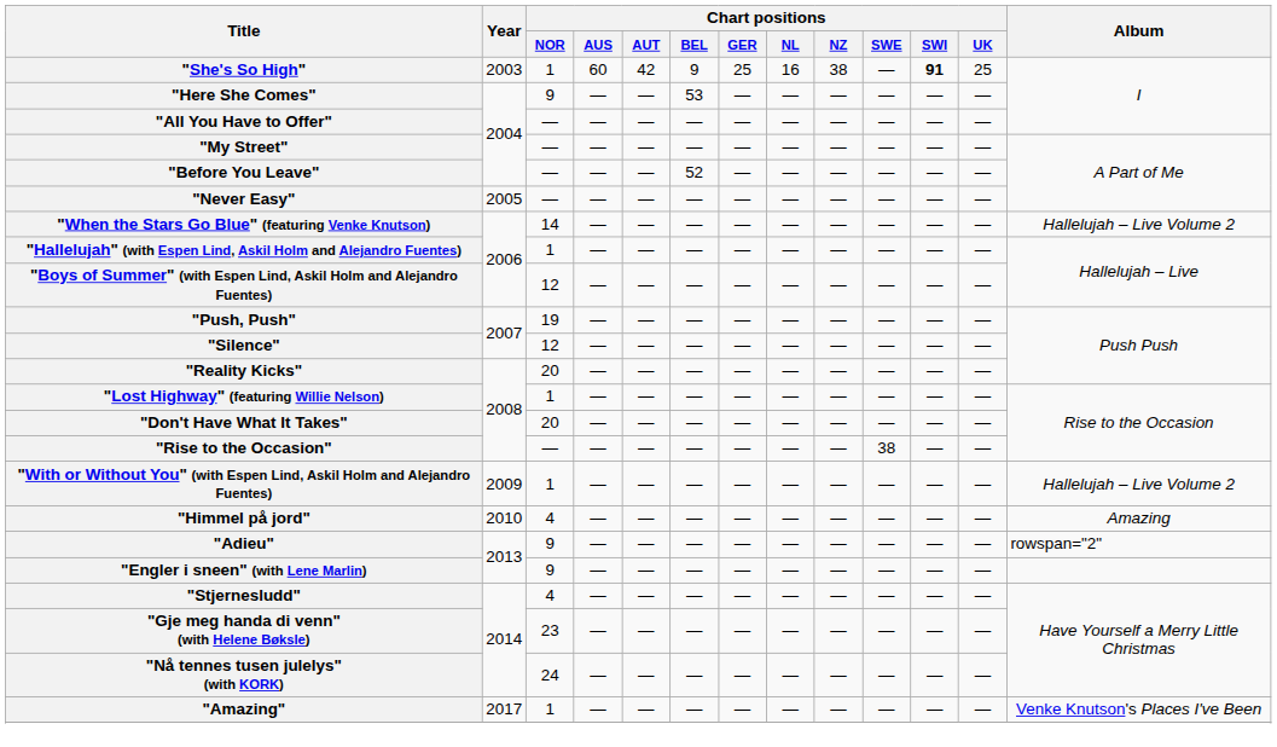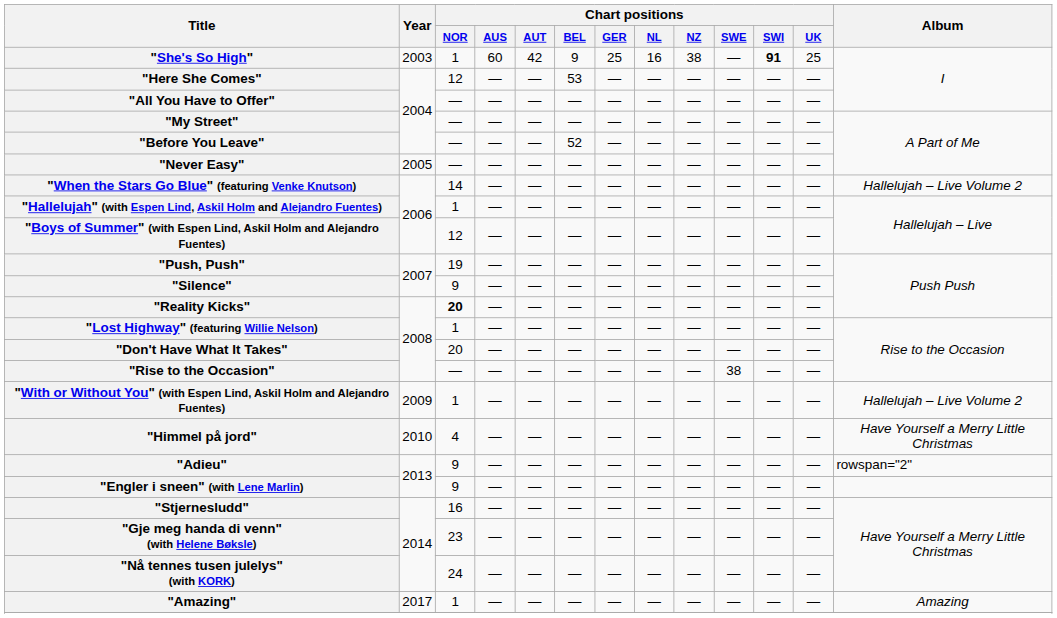 <table class="wikitable plainrowheaders">
 <tr>
 <th rowspan="2">Title</th>
 <th rowspan="2">Year</th>
 <th colspan="10">Chart positions</th>
 <th rowspan="2">Album</th>
 </tr>
 <tr>
 <th style="width:40px;"><small><a href='#'>NOR</a></small><br></th>
 <th style="width:40px;"><small><a href='#'>AUS</a></small><br></th>
 <th style="width:40px;"><small><a href='#'>AUT</a></small><br></th>
 <th style="width:40px;"><small><a href='#'>BEL</a></small><br></th>
 <th style="width:40px;"><small><a href='#'>GER</a></small><br></th>
 <th style="width:40px;"><small><a href='#'>NL</a></small><br></th>
 <th style="width:40px;"><small><a href='#'>NZ</a></small><br></th>
 <th style="width:40px;"><small><a href='#'>SWE</a></small><br></th>
 <th style="width:40px;"><small><a href='#'>SWI</a></small><br></th>
 <th style="width:40px;"><small><a href='#'>UK</a></small><br></th>
 </tr>
 <tr>
 <th scope="row">"<a href='#'>She's So High</a>"</th>
 <td style="text-align:center;">2003</td>
 <td style="text-align:center;">1</td>
 <td style="text-align:center;">60</td>
 <td style="text-align:center;">42</td>
 <td style="text-align:center;">9</td>
 <td style="text-align:center;">25</td>
 <td style="text-align:center;">16</td>
 <td style="text-align:center;">38</td>
 <td style="text-align:center;">—</td>
 <td style="text-align:center;"><strong>91</strong></td>
 <td style="text-align:center;">25</td>
 <td style="text-align:center;" rowspan="3"><em>I</em></td>
 </tr>
 <tr>
 <th scope="row">"Here She Comes"</th>
 <td style="text-align:center;" rowspan="4">2004</td>
-<td style="text-align:center;">9</td>
+<td style="text-align:center;">12</td>
 <td style="text-align:center;">—</td>
 <td style="text-align:center;">—</td>
 <td style="text-align:center;">53</td>
 <td style="text-align:center;">—</td>
 <td style="text-align:center;">—</td>
 <td style="text-align:center;">—</td>
 <td style="text-align:center;">—</td>
 <td style="text-align:center;">—</td>
 <td style="text-align:center;">—</td>
 </tr>
 <tr>
 <th scope="row">"All You Have to Offer"</th>
 <td style="text-align:center;">—</td>
 <td style="text-align:center;">—</td>
 <td style="text-align:center;">—</td>
 <td style="text-align:center;">—</td>
 <td style="text-align:center;">—</td>
 <td style="text-align:center;">—</td>
 <td style="text-align:center;">—</td>
 <td style="text-align:center;">—</td>
 <td style="text-align:center;">—</td>
 <td style="text-align:center;">—</td>
 </tr>
 <tr>
 <th scope="row">"My Street"</th>
 <td style="text-align:center;">—</td>
 <td style="text-align:center;">—</td>
 <td style="text-align:center;">—</td>
 <td style="text-align:center;">—</td>
 <td style="text-align:center;">—</td>
 <td style="text-align:center;">—</td>
 <td style="text-align:center;">—</td>
 <td style="text-align:center;">—</td>
 <td style="text-align:center;">—</td>
 <td style="text-align:center;">—</td>
 <td style="text-align:center;" rowspan="3"><em>A Part of Me</em></td>
 </tr>
 <tr>
 <th scope="row">"Before You Leave"</th>
 <td style="text-align:center;">—</td>
 <td style="text-align:center;">—</td>
 <td style="text-align:center;">—</td>
 <td style="text-align:center;">52</td>
 <td style="text-align:center;">—</td>
 <td style="text-align:center;">—</td>
 <td style="text-align:center;">—</td>
 <td style="text-align:center;">—</td>
 <td style="text-align:center;">—</td>
 <td style="text-align:center;">—</td>
 </tr>
 <tr>
 <th scope="row">"Never Easy"</th>
 <td style="text-align:center;">2005</td>
 <td style="text-align:center;">—</td>
 <td style="text-align:center;">—</td>
 <td style="text-align:center;">—</td>
 <td style="text-align:center;">—</td>
 <td style="text-align:center;">—</td>
 <td style="text-align:center;">—</td>
 <td style="text-align:center;">—</td>
 <td style="text-align:center;">—</td>
 <td style="text-align:center;">—</td>
 <td style="text-align:center;">—</td>
 </tr>
 <tr>
 <th scope="row">"<a href='#'>When the Stars Go Blue</a>" <small> (featuring <a href='#'>Venke Knutson</a>) </small></th>
 <td style="text-align:center;" rowspan="3">2006</td>
 <td style="text-align:center;">14</td>
 <td style="text-align:center;">—</td>
 <td style="text-align:center;">—</td>
 <td style="text-align:center;">—</td>
 <td style="text-align:center;">—</td>
 <td style="text-align:center;">—</td>
 <td style="text-align:center;">—</td>
 <td style="text-align:center;">—</td>
 <td style="text-align:center;">—</td>
 <td style="text-align:center;">—</td>
 <td style="text-align:center;"><em>Hallelujah – Live Volume 2</em></td>
 </tr>
 <tr>
 <th scope="row">"<a href='#'>Hallelujah</a>" <small>(with <a href='#'>Espen Lind</a>, <a href='#'>Askil Holm</a> and <a href='#'>Alejandro Fuentes</a>)</small></th>
 <td style="text-align:center;">1</td>
 <td style="text-align:center;">—</td>
 <td style="text-align:center;">—</td>
 <td style="text-align:center;">—</td>
 <td style="text-align:center;">—</td>
 <td style="text-align:center;">—</td>
 <td style="text-align:center;">—</td>
 <td style="text-align:center;">—</td>
 <td style="text-align:center;">—</td>
 <td style="text-align:center;">—</td>
 <td style="text-align:center;" rowspan="2"><em>Hallelujah – Live</em></td>
 </tr>
 <tr>
 <th scope="row">"<a href='#'>Boys of Summer</a>" <small>(with Espen Lind, Askil Holm and Alejandro Fuentes)</small></th>
 <td style="text-align:center;">12</td>
 <td style="text-align:center;">—</td>
 <td style="text-align:center;">—</td>
 <td style="text-align:center;">—</td>
 <td style="text-align:center;">—</td>
 <td style="text-align:center;">—</td>
 <td style="text-align:center;">—</td>
 <td style="text-align:center;">—</td>
 <td style="text-align:center;">—</td>
 <td style="text-align:center;">—</td>
 </tr>
 <tr>
 <th scope="row">"Push, Push"</th>
 <td style="text-align:center;" rowspan="2">2007</td>
 <td style="text-align:center;">19<br></td>
 <td style="text-align:center;">—</td>
 <td style="text-align:center;">—</td>
 <td style="text-align:center;">—</td>
 <td style="text-align:center;">—</td>
 <td style="text-align:center;">—</td>
 <td style="text-align:center;">—</td>
 <td style="text-align:center;">—</td>
 <td style="text-align:center;">—</td>
 <td style="text-align:center;">—</td>
 <td style="text-align:center;" rowspan="3"><em>Push Push</em></td>
 </tr>
 <tr>
 <th scope="row">"Silence"</th>
-<td style="text-align:center;">12</td>
+<td style="text-align:center;">9</td>
 <td style="text-align:center;">—</td>
 <td style="text-align:center;">—</td>
 <td style="text-align:center;">—</td>
 <td style="text-align:center;">—</td>
 <td style="text-align:center;">—</td>
 <td style="text-align:center;">—</td>
 <td style="text-align:center;">—</td>
 <td style="text-align:center;">—</td>
 <td style="text-align:center;">—</td>
 </tr>
 <tr>
 <th scope="row">"Reality Kicks"</th>
 <td style="text-align:center;" rowspan="4">2008</td>
-<td style="text-align:center;">20</td>
+<td style="text-align:center;"><strong>20</strong></td>
 <td style="text-align:center;">—</td>
 <td style="text-align:center;">—</td>
 <td style="text-align:center;">—</td>
 <td style="text-align:center;">—</td>
 <td style="text-align:center;">—</td>
 <td style="text-align:center;">—</td>
 <td style="text-align:center;">—</td>
 <td style="text-align:center;">—</td>
 <td style="text-align:center;">—</td>
 </tr>
 <tr>
 <th scope="row">"<a href='#'>Lost Highway</a>" <small>(featuring <a href='#'>Willie Nelson</a>)</small></th>
 <td style="text-align:center;">1</td>
 <td style="text-align:center;">—</td>
 <td style="text-align:center;">—</td>
 <td style="text-align:center;">—</td>
 <td style="text-align:center;">—</td>
 <td style="text-align:center;">—</td>
 <td style="text-align:center;">—</td>
 <td style="text-align:center;">—</td>
 <td style="text-align:center;">—</td>
 <td style="text-align:center;">—</td>
 <td style="text-align:center;" rowspan="3"><em>Rise to the Occasion</em></td>
 </tr>
 <tr>
 <th scope="row">"Don't Have What It Takes"</th>
 <td style="text-align:center;">20</td>
 <td style="text-align:center;">—</td>
 <td style="text-align:center;">—</td>
 <td style="text-align:center;">—</td>
 <td style="text-align:center;">—</td>
 <td style="text-align:center;">—</td>
 <td style="text-align:center;">—</td>
 <td style="text-align:center;">—</td>
 <td style="text-align:center;">—</td>
 <td style="text-align:center;">—</td>
 </tr>
 <tr>
 <th scope="row">"Rise to the Occasion"</th>
 <td style="text-align:center;">—</td>
 <td style="text-align:center;">—</td>
 <td style="text-align:center;">—</td>
 <td style="text-align:center;">—</td>
 <td style="text-align:center;">—</td>
 <td style="text-align:center;">—</td>
 <td style="text-align:center;">—</td>
 <td style="text-align:center;">38</td>
 <td style="text-align:center;">—</td>
 <td style="text-align:center;">—</td>
 </tr>
 <tr>
 <th scope="row">"<a href='#'>With or Without You</a>" <small>(with Espen Lind, Askil Holm and Alejandro Fuentes)</small></th>
 <td style="text-align:center;">2009</td>
 <td style="text-align:center;">1</td>
 <td style="text-align:center;">—</td>
 <td style="text-align:center;">—</td>
 <td style="text-align:center;">—</td>
 <td style="text-align:center;">—</td>
 <td style="text-align:center;">—</td>
 <td style="text-align:center;">—</td>
 <td style="text-align:center;">—</td>
 <td style="text-align:center;">—</td>
 <td style="text-align:center;">—</td>
 <td style="text-align:center;"><em>Hallelujah – Live Volume 2</em></td>
 </tr>
 <tr>
 <th scope="row">"Himmel på jord"</th>
 <td style="text-align:center;">2010</td>
 <td style="text-align:center;">4</td>
 <td style="text-align:center;">—</td>
 <td style="text-align:center;">—</td>
 <td style="text-align:center;">—</td>
 <td style="text-align:center;">—</td>
 <td style="text-align:center;">—</td>
 <td style="text-align:center;">—</td>
 <td style="text-align:center;">—</td>
 <td style="text-align:center;">—</td>
 <td style="text-align:center;">—</td>
-<td style="text-align:center;" rowspan=1><em>Amazing</em></td>
+<td style="text-align:center;"><em>Have Yourself a Merry Little Christmas</em></td>
 </tr>
 <tr>
 <th scope="row">"Adieu"</th>
 <td style="text-align:center;" rowspan=2>2013</td>
 <td style="text-align:center;">9</td>
 <td style="text-align:center;">—</td>
 <td style="text-align:center;">—</td>
 <td style="text-align:center;">—</td>
 <td style="text-align:center;">—</td>
 <td style="text-align:center;">—</td>
 <td style="text-align:center;">—</td>
 <td style="text-align:center;">—</td>
 <td style="text-align:center;">—</td>
 <td style="text-align:center;">—</td>
 <td>rowspan="2" </td>
 </tr>
 <tr>
 <th scope="row">"Engler i sneen" <small>(with <a href='#'>Lene Marlin</a>)</small></th>
 <td style="text-align:center;">9</td>
 <td style="text-align:center;">—</td>
 <td style="text-align:center;">—</td>
 <td style="text-align:center;">—</td>
 <td style="text-align:center;">—</td>
 <td style="text-align:center;">—</td>
 <td style="text-align:center;">—</td>
 <td style="text-align:center;">—</td>
 <td style="text-align:center;">—</td>
 <td style="text-align:center;">—</td>
 </tr>
 <tr>
 <th scope="row">"Stjernesludd"</th>
 <td style="text-align:center;" rowspan=3>2014</td>
-<td style="text-align:center;">4</td>
+<td style="text-align:center;">16<br></td>
 <td style="text-align:center;">—</td>
 <td style="text-align:center;">—</td>
 <td style="text-align:center;">—</td>
 <td style="text-align:center;">—</td>
 <td style="text-align:center;">—</td>
 <td style="text-align:center;">—</td>
 <td style="text-align:center;">—</td>
 <td style="text-align:center;">—</td>
 <td style="text-align:center;">—</td>
 <td style="text-align:center;" rowspan=3><em>Have Yourself a Merry Little Christmas</em></td>
 </tr>
 <tr>
 <th scope="row">"Gje meg handa di venn" <br><small>(with <a href='#'>Helene Bøksle</a>)</small></th>
 <td style="text-align:center;">23</td>
 <td style="text-align:center;">—</td>
 <td style="text-align:center;">—</td>
 <td style="text-align:center;">—</td>
 <td style="text-align:center;">—</td>
 <td style="text-align:center;">—</td>
 <td style="text-align:center;">—</td>
 <td style="text-align:center;">—</td>
 <td style="text-align:center;">—</td>
 <td style="text-align:center;">—</td>
 </tr>
 <tr>
 <th scope="row">"Nå tennes tusen julelys" <br><small>(with <a href='#'>KORK</a>)</small></th>
 <td style="text-align:center;">24</td>
 <td style="text-align:center;">—</td>
 <td style="text-align:center;">—</td>
 <td style="text-align:center;">—</td>
 <td style="text-align:center;">—</td>
 <td style="text-align:center;">—</td>
 <td style="text-align:center;">—</td>
 <td style="text-align:center;">—</td>
 <td style="text-align:center;">—</td>
 <td style="text-align:center;">—</td>
 </tr>
 <tr>
 <th scope="row">"Amazing"</th>
 <td style="text-align:center;" rowspan=1>2017</td>
 <td style="text-align:center;">1</td>
 <td style="text-align:center;">—</td>
 <td style="text-align:center;">—</td>
 <td style="text-align:center;">—</td>
 <td style="text-align:center;">—</td>
 <td style="text-align:center;">—</td>
 <td style="text-align:center;">—</td>
 <td style="text-align:center;">—</td>
 <td style="text-align:center;">—</td>
 <td style="text-align:center;">—</td>
-<td style="text-align:center;"><a href='#'>Venke Knutson</a>'s <em>Places I've Been</em></td>
+<td style="text-align:center;" rowspan=1><em>Amazing</em></td>
 </tr>
 <tr>
 </tr>
 <tr>
 </tr>
 </table>
